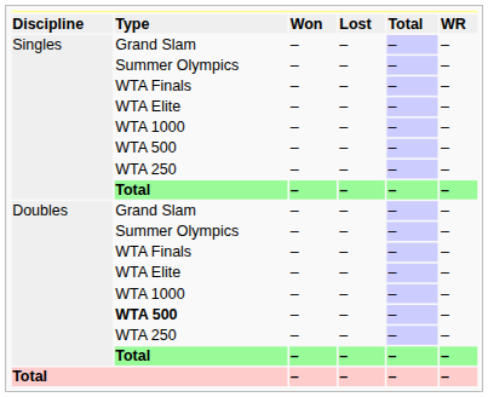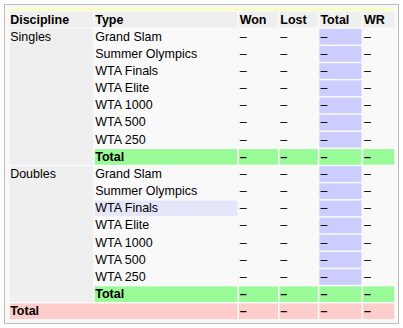 <table class="infobox vcard vevent nowrap" width="40%">
 <tr bgcolor=FFFF99>
 <th colspan=6></th>
 </tr>
 <tr style=background:#efefef;font-weight:bold>
 <td>Discipline</td>
 <td>Type</td>
 <td>Won</td>
 <td>Lost</td>
 <td>Total</td>
 <td>WR</td>
 </tr>
 <tr>
 <td rowspan="8" bgcolor="efefef">Singles</td>
 <td>Grand Slam</td>
 <td>–</td>
 <td>–</td>
 <td bgcolor="CCCCFF">–</td>
 <td>–</td>
 </tr>
 <tr>
 <td>Summer Olympics</td>
 <td>–</td>
 <td>–</td>
 <td bgcolor="CCCCFF">–</td>
 <td>–</td>
 </tr>
 <tr>
 <td>WTA Finals</td>
 <td>–</td>
 <td>–</td>
 <td bgcolor="CCCCFF">–</td>
 <td>–</td>
 </tr>
 <tr>
 <td>WTA Elite</td>
 <td>–</td>
 <td>–</td>
 <td bgcolor="CCCCFF">–</td>
 <td>–</td>
 </tr>
 <tr>
 <td>WTA 1000</td>
 <td>–</td>
 <td>–</td>
 <td bgcolor="CCCCFF">–</td>
 <td>–</td>
 </tr>
 <tr>
 <td>WTA 500</td>
 <td>–</td>
 <td>–</td>
 <td bgcolor="CCCCFF">–</td>
 <td>–</td>
 </tr>
 <tr>
 <td>WTA 250</td>
 <td>–</td>
 <td>–</td>
 <td bgcolor="CCCCFF">–</td>
 <td>–</td>
 </tr>
 <tr style=background:#98FB98;font-weight:bold>
 <td><strong>Total</strong></td>
 <td>–</td>
 <td>–</td>
 <td>–</td>
 <td>–</td>
 </tr>
 <tr>
 <td rowspan="8" bgcolor="efefef">Doubles</td>
 <td>Grand Slam</td>
 <td>–</td>
 <td>–</td>
 <td bgcolor="CCCCFF">–</td>
 <td>–</td>
 </tr>
 <tr>
 <td>Summer Olympics</td>
 <td>–</td>
 <td>–</td>
 <td bgcolor="CCCCFF">–</td>
 <td>–</td>
 </tr>
 <tr>
-<td>WTA Finals</td>
+<td style="background: lavender;">WTA Finals</td>
 <td>–</td>
 <td>–</td>
 <td bgcolor="CCCCFF">–</td>
 <td>–</td>
 </tr>
 <tr>
 <td>WTA Elite</td>
 <td>–</td>
 <td>–</td>
 <td bgcolor="CCCCFF">–</td>
 <td>–</td>
 </tr>
 <tr>
 <td>WTA 1000</td>
 <td>–</td>
 <td>–</td>
 <td bgcolor="CCCCFF">–</td>
 <td>–</td>
 </tr>
 <tr>
-<td><strong>WTA 500</strong></td>
+<td>WTA 500</td>
 <td>–</td>
 <td>–</td>
 <td bgcolor="CCCCFF">–</td>
 <td>–</td>
 </tr>
 <tr>
 <td>WTA 250</td>
 <td>–</td>
 <td>–</td>
 <td bgcolor="CCCCFF">–</td>
 <td>–</td>
 </tr>
 <tr style=background:#98FB98;font-weight:bold>
 <td><strong>Total</strong></td>
 <td>–</td>
 <td>–</td>
 <td>–</td>
 <td>–</td>
 </tr>
 <tr style=background:#FCC;font-weight:bold>
 <td colspan="2"><strong>Total</strong></td>
 <td>–</td>
 <td>–</td>
 <td>–</td>
 <td>–</td>
 </tr>
 </table>
